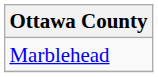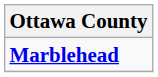 <table class="wikitable">
 <tr>
 <th>Ottawa County</th>
 </tr>
 <tr>
-<td><a href='#'>Marblehead</a></td>
+<td><strong><a href='#'>Marblehead</a></strong></td>
 </tr>
 <tr>
 </tr>
 </table>
